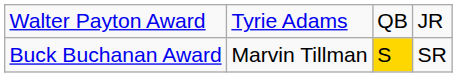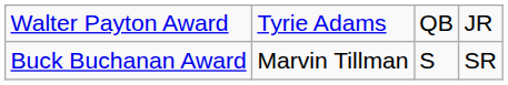 <table class="wikitable">
 <tr>
 <td><a href='#'>Walter Payton Award</a></td>
 <td><a href='#'>Tyrie Adams</a></td>
 <td>QB</td>
 <td>JR</td>
 </tr>
 <tr>
 <td><a href='#'>Buck Buchanan Award</a></td>
 <td>Marvin Tillman</td>
-<td style="background: gold;">S</td>
+<td>S</td>
 <td>SR</td>
 </tr>
 </table>
